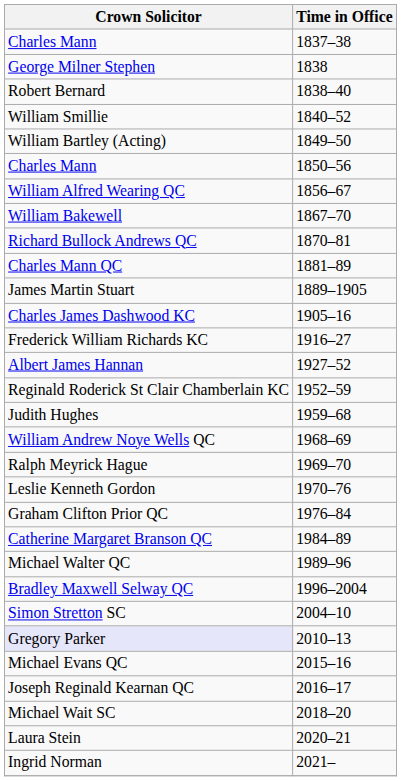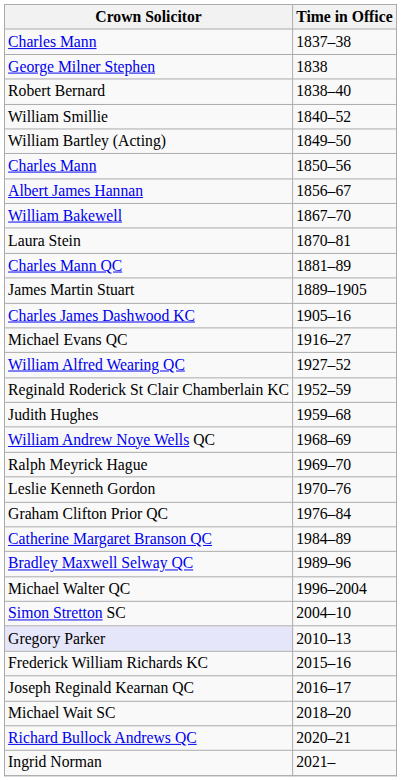 <table class="wikitable">
 <tr>
 <th>Crown Solicitor</th>
 <th>Time in Office</th>
 </tr>
 <tr>
 <td><a href='#'>Charles Mann</a></td>
 <td>1837–38</td>
 </tr>
 <tr>
 <td><a href='#'>George Milner Stephen</a></td>
 <td>1838</td>
 </tr>
 <tr>
 <td>Robert Bernard</td>
 <td>1838–40</td>
 </tr>
 <tr>
 <td>William Smillie</td>
 <td>1840–52</td>
 </tr>
 <tr>
 <td>William Bartley (Acting)</td>
 <td>1849–50</td>
 </tr>
 <tr>
 <td><a href='#'>Charles Mann</a></td>
 <td>1850–56</td>
 </tr>
 <tr>
-<td><a href='#'> William Alfred Wearing QC</a></td>
+<td><a href='#'>Albert James Hannan</a></td>
 <td>1856–67</td>
 </tr>
 <tr>
 <td><a href='#'>William Bakewell</a></td>
 <td>1867–70</td>
 </tr>
 <tr>
-<td><a href='#'>Richard Bullock Andrews QC</a></td>
+<td>Laura Stein</td>
 <td>1870–81</td>
 </tr>
 <tr>
 <td><a href='#'>Charles Mann QC</a></td>
 <td>1881–89</td>
 </tr>
 <tr>
 <td>James Martin Stuart</td>
 <td>1889–1905</td>
 </tr>
 <tr>
 <td><a href='#'> Charles James Dashwood KC</a></td>
 <td>1905–16</td>
 </tr>
 <tr>
-<td>Frederick William Richards KC</td>
+<td>Michael Evans QC</td>
 <td>1916–27</td>
 </tr>
 <tr>
-<td><a href='#'>Albert James Hannan</a></td>
+<td><a href='#'> William Alfred Wearing QC</a></td>
 <td>1927–52</td>
 </tr>
 <tr>
 <td>Reginald Roderick St Clair Chamberlain KC</td>
 <td>1952–59</td>
 </tr>
 <tr>
 <td>Judith Hughes</td>
 <td>1959–68</td>
 </tr>
 <tr>
 <td><a href='#'>William Andrew Noye Wells</a> QC</td>
 <td>1968–69</td>
 </tr>
 <tr>
 <td>Ralph Meyrick Hague</td>
 <td>1969–70</td>
 </tr>
 <tr>
 <td>Leslie Kenneth Gordon</td>
 <td>1970–76</td>
 </tr>
 <tr>
 <td>Graham Clifton Prior QC</td>
 <td>1976–84</td>
 </tr>
 <tr>
 <td><a href='#'>Catherine Margaret Branson QC</a></td>
 <td>1984–89</td>
 </tr>
 <tr>
-<td>Michael Walter QC</td>
+<td><a href='#'>Bradley Maxwell Selway QC</a></td>
 <td>1989–96</td>
 </tr>
 <tr>
-<td><a href='#'>Bradley Maxwell Selway QC</a></td>
+<td>Michael Walter QC</td>
 <td>1996–2004</td>
 </tr>
 <tr>
 <td><a href='#'>Simon Stretton</a> SC</td>
 <td>2004–10</td>
 </tr>
 <tr>
 <td style="background: lavender;">Gregory Parker</td>
 <td>2010–13</td>
 </tr>
 <tr>
-<td>Michael Evans QC</td>
+<td>Frederick William Richards KC</td>
 <td>2015–16</td>
 </tr>
 <tr>
 <td>Joseph Reginald Kearnan QC</td>
 <td>2016–17</td>
 </tr>
 <tr>
 <td>Michael Wait SC</td>
 <td>2018–20</td>
 </tr>
 <tr>
-<td>Laura Stein</td>
+<td><a href='#'>Richard Bullock Andrews QC</a></td>
 <td>2020–21</td>
 </tr>
 <tr>
 <td>Ingrid Norman</td>
 <td>2021–</td>
 </tr>
 <tr>
 </tr>
 </table>
